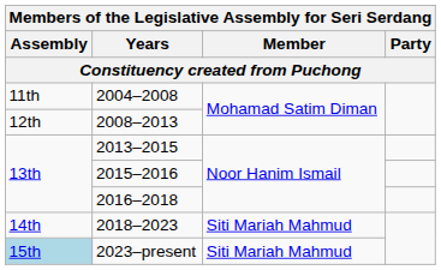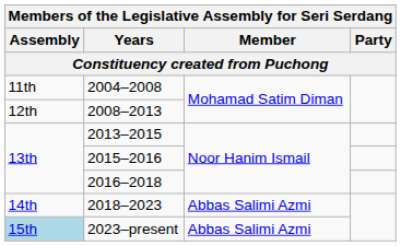 <table class=wikitable>
 <tr>
 <th colspan=4>Members of the Legislative Assembly for Seri Serdang</th>
 </tr>
 <tr>
 <th>Assembly</th>
 <th>Years</th>
 <th>Member</th>
 <th>Party</th>
 </tr>
 <tr>
 <th colspan=4 align=center><em>Constituency created from Puchong</em></th>
 </tr>
 <tr>
 <td>11th</td>
 <td>2004–2008</td>
 <td rowspan=2><a href='#'>Mohamad Satim Diman</a></td>
 <td rowspan=2></td>
 </tr>
 <tr>
 <td>12th</td>
 <td>2008–2013</td>
 </tr>
 <tr>
 <td rowspan=3><a href='#'>13th</a></td>
 <td>2013–2015</td>
 <td rowspan=3><a href='#'>Noor Hanim Ismail</a></td>
 <td></td>
 </tr>
 <tr>
 <td>2015–2016</td>
 <td></td>
 </tr>
 <tr>
 <td>2016–2018</td>
 <td></td>
 </tr>
 <tr>
 <td><a href='#'>14th</a></td>
 <td>2018–2023</td>
-<td><a href='#'>Siti Mariah Mahmud</a></td>
+<td><a href='#'>Abbas Salimi Azmi</a></td>
 <td rowspan=2></td>
 </tr>
 <tr>
 <td style="background: lightblue;"><a href='#'>15th</a></td>
 <td>2023–present</td>
-<td><a href='#'>Siti Mariah Mahmud</a></td>
+<td><a href='#'>Abbas Salimi Azmi</a></td>
 </tr>
 </table>
